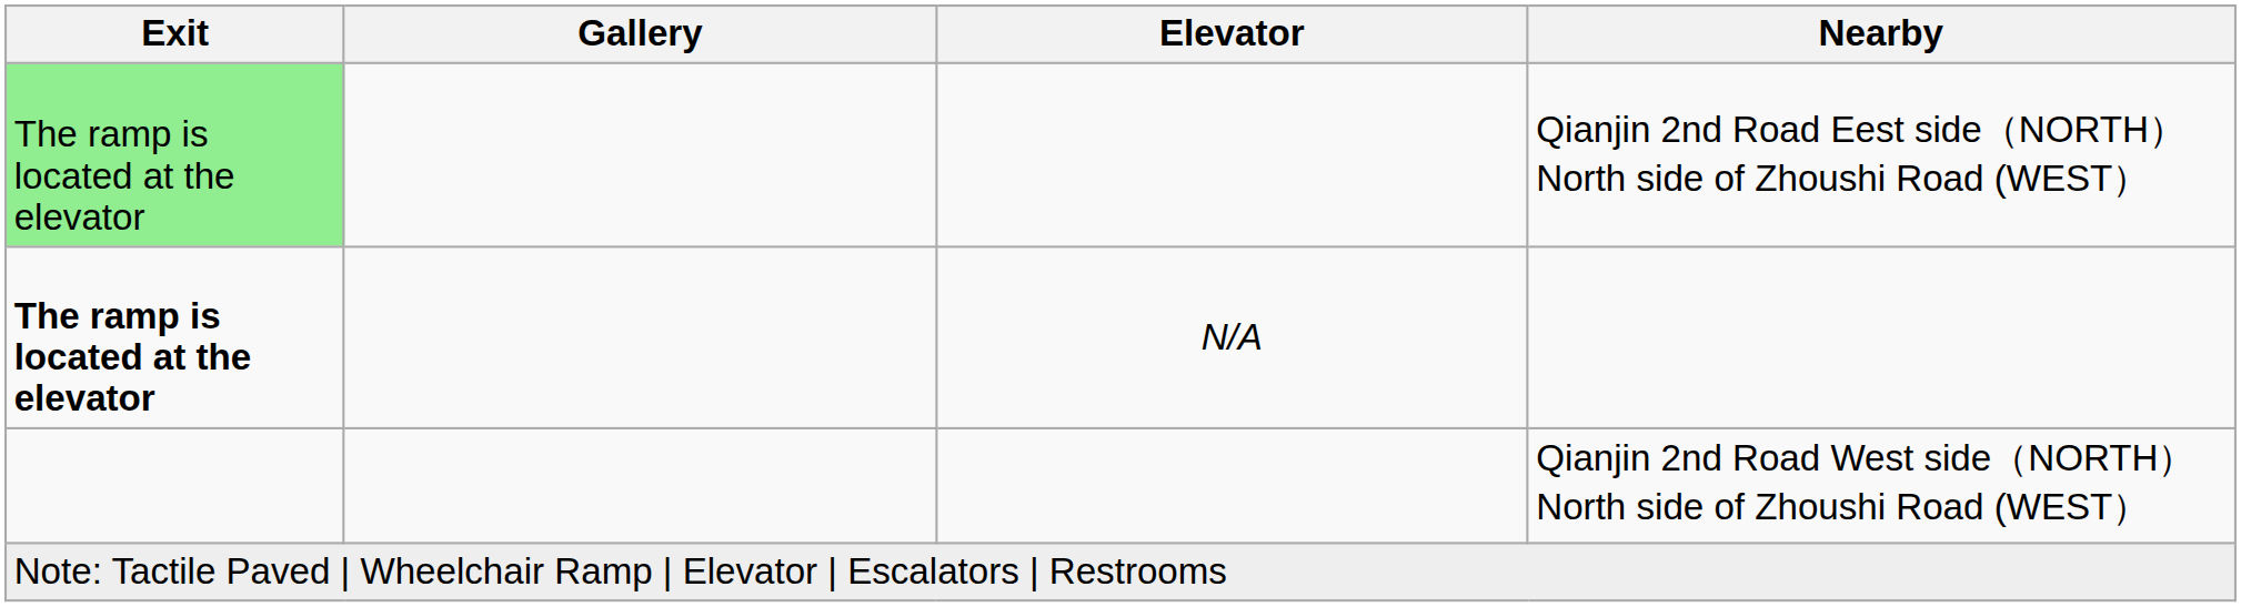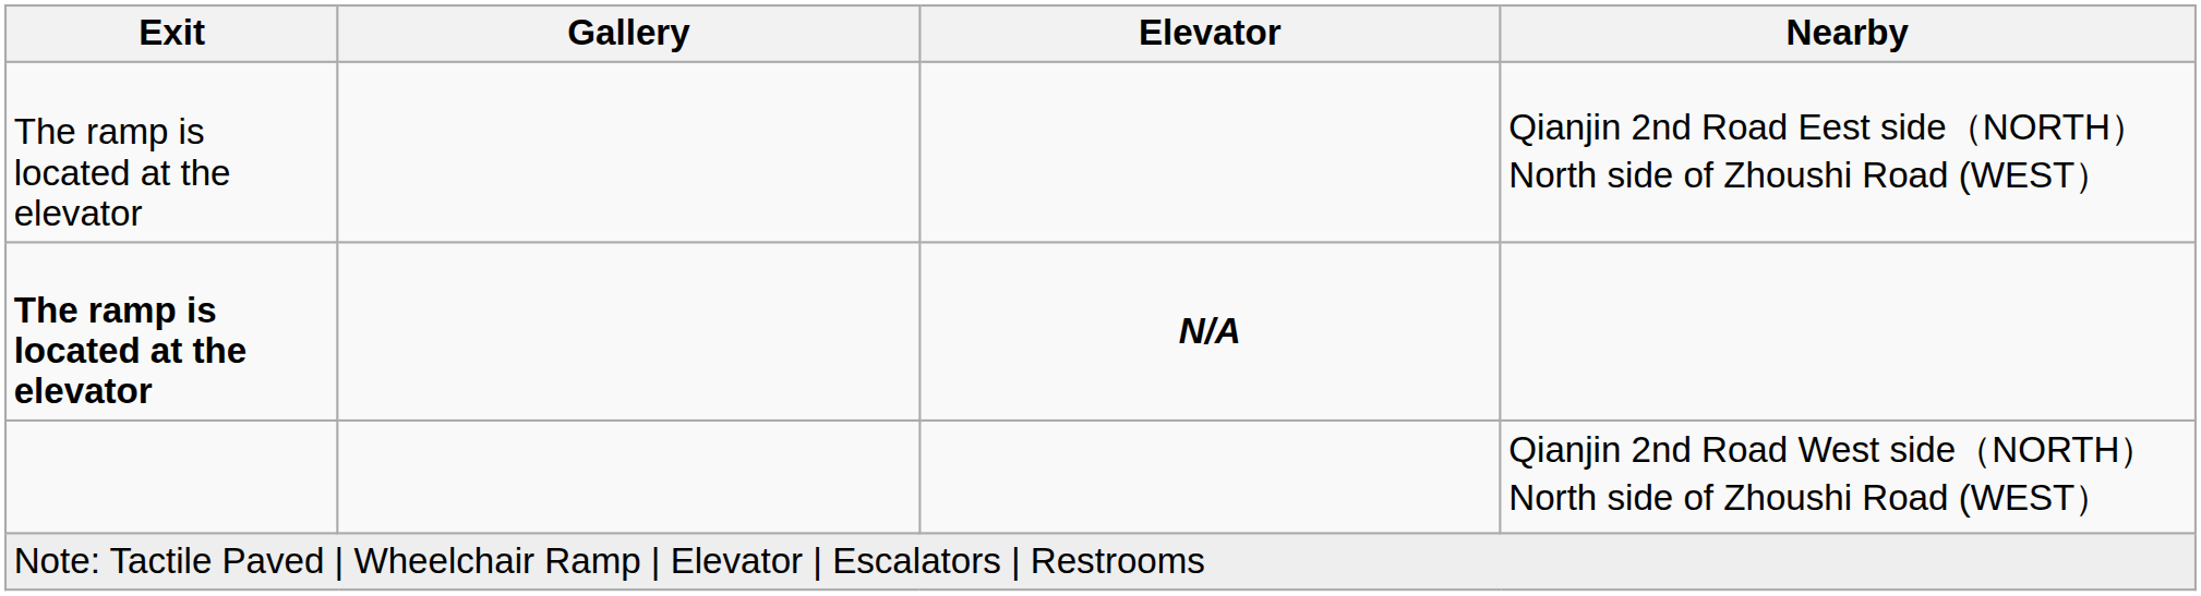 <table class="wikitable">
 <tr>
 <th style="width:140px">Exit</th>
 <th style="width:250px">Gallery</th>
 <th style="width:250px">Elevator</th>
 <th style="width:300px">Nearby</th>
 </tr>
 <tr>
-<td style="background: lightgreen;"><span>      </span><br>The ramp is located at the elevator</td>
+<td><span>      </span><br>The ramp is located at the elevator</td>
 <td></td>
 <td></td>
 <td>Qianjin 2nd Road Eest side（NORTH）<br>North side of Zhoushi Road (WEST）<br></td>
 </tr>
 <tr>
 <td><strong><span>   </span><br>The ramp is located at the elevator</strong></td>
 <td></td>
-<td align="center"><em>N/A</em></td>
+<td align="center"><strong><em>N/A</em></strong></td>
 <td></td>
 </tr>
 <tr>
 <td><span>     </span></td>
 <td></td>
 <td></td>
 <td>Qianjin 2nd Road West side（NORTH）<br>North side of Zhoushi Road (WEST）<br></td>
 </tr>
 <tr>
 <td colspan="4" bgcolor="#EEEEEE">Note:  Tactile Paved |  Wheelchair Ramp |  Elevator |  Escalators |  Restrooms</td>
 </tr>
 </table>
